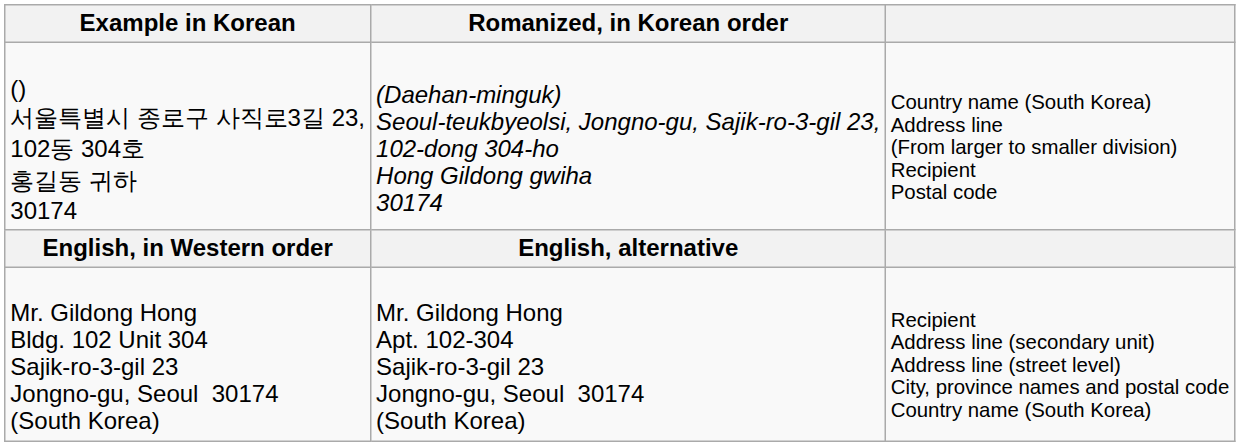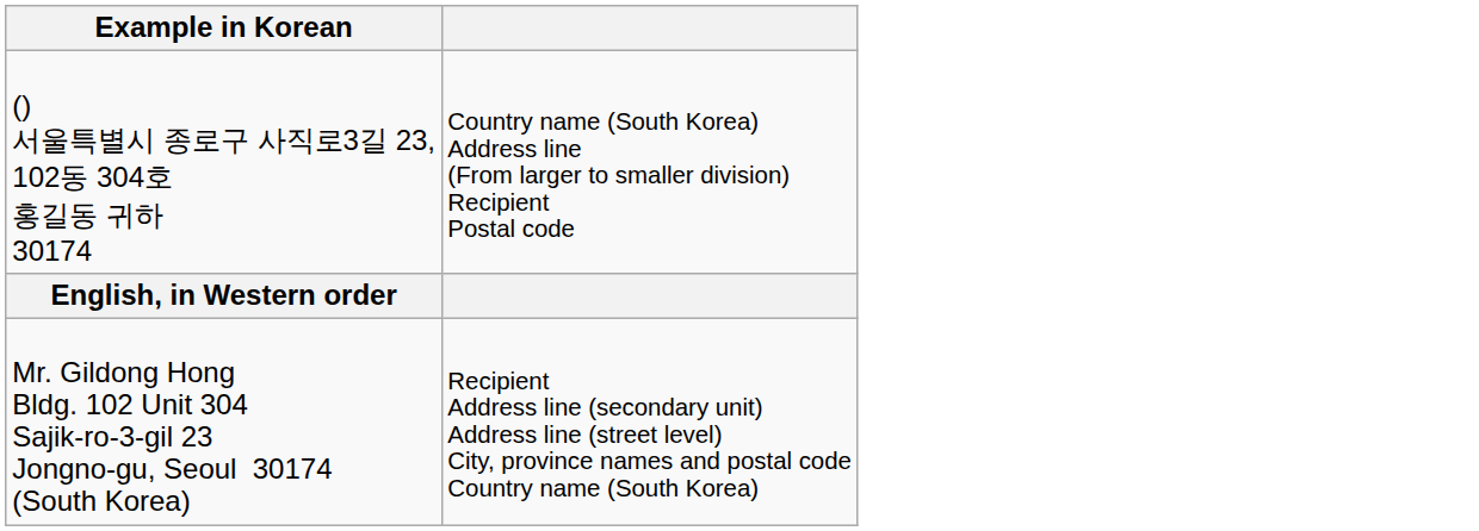 <table class="wikitable">
 <tr>
 <th>Example in Korean</th>
-<th>Romanized, in Korean order</th>
 <th> </th>
 </tr>
 <tr>
 <td><br>()<br>서울특별시 종로구 사직로3길 23,<br>102동 304호<br> 홍길동 귀하<br> 30174</td>
-<td><br><em>(Daehan-minguk)<br></em> <em>Seoul-teukbyeolsi, Jongno-gu, Sajik-ro-3-gil 23,<br>102-dong 304-ho<br></em> <em>Hong Gildong gwiha<br></em> <em>30174</em></td>
 <td style="font-size:85%;"><br>Country name (South Korea)<br> Address line<br> (From larger to smaller division)<br> Recipient<br> Postal code</td>
 </tr>
 <tr>
 <th>English, in Western order</th>
-<th>English, alternative</th>
 <th> </th>
 </tr>
 <tr>
 <td><br>Mr. Gildong Hong<br> Bldg. 102 Unit 304<br> Sajik-ro-3-gil 23<br> Jongno-gu, Seoul  30174<br> (South Korea)</td>
-<td><br>Mr. Gildong Hong<br> Apt. 102-304<br> Sajik-ro-3-gil 23<br> Jongno-gu, Seoul  30174<br> (South Korea)</td>
 <td style="font-size:85%;"><br>Recipient<br> Address line (secondary unit)<br> Address line (street level)<br> City, province names and postal code<br> Country name (South Korea)</td>
 </tr>
 </table>
